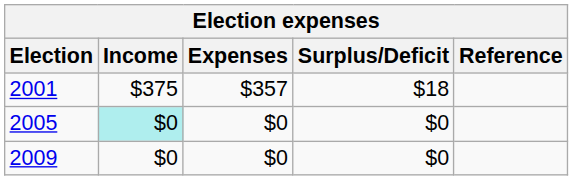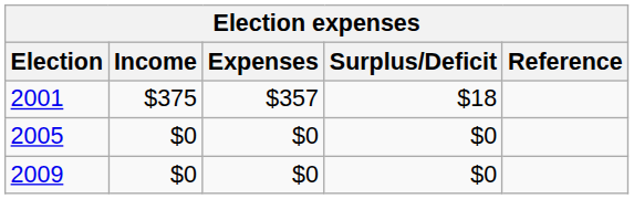 <table class="wikitable" align="center">
 <tr>
 <th colspan="5">Election expenses</th>
 </tr>
 <tr>
 <th>Election</th>
 <th>Income</th>
 <th>Expenses</th>
 <th>Surplus/Deficit</th>
 <th>Reference</th>
 </tr>
 <tr>
 <td><a href='#'>2001</a></td>
 <td align=right>$375</td>
 <td align=right>$357</td>
 <td align=right>$18</td>
 <td align=right></td>
 </tr>
 <tr>
 <td><a href='#'>2005</a></td>
-<td align=right style="background: paleturquoise;">$0</td>
+<td align=right>$0</td>
 <td align=right>$0</td>
 <td align=right>$0</td>
 <td align=right></td>
 </tr>
 <tr>
 <td><a href='#'>2009</a></td>
 <td align=right>$0</td>
 <td align=right>$0</td>
 <td align=right>$0</td>
 <td align=right></td>
 </tr>
 </table>
